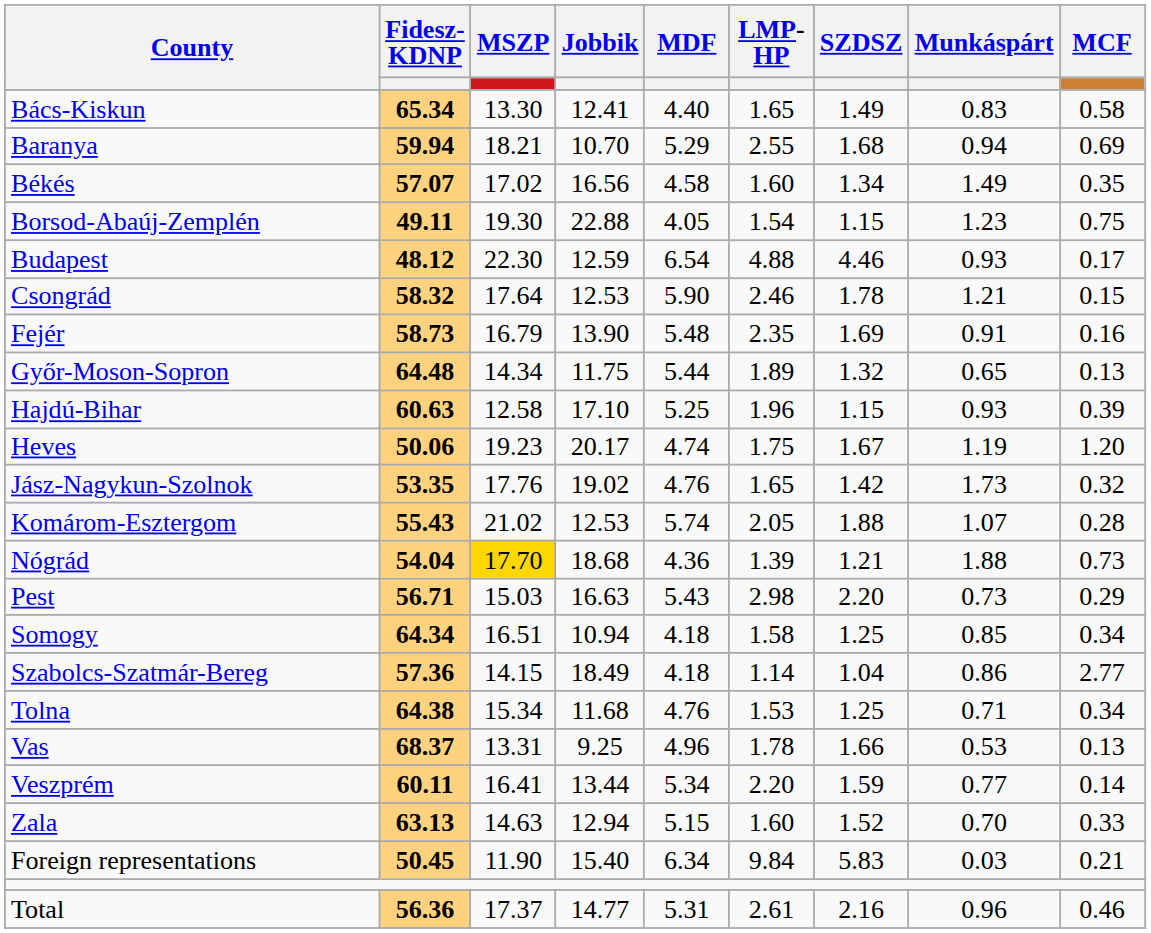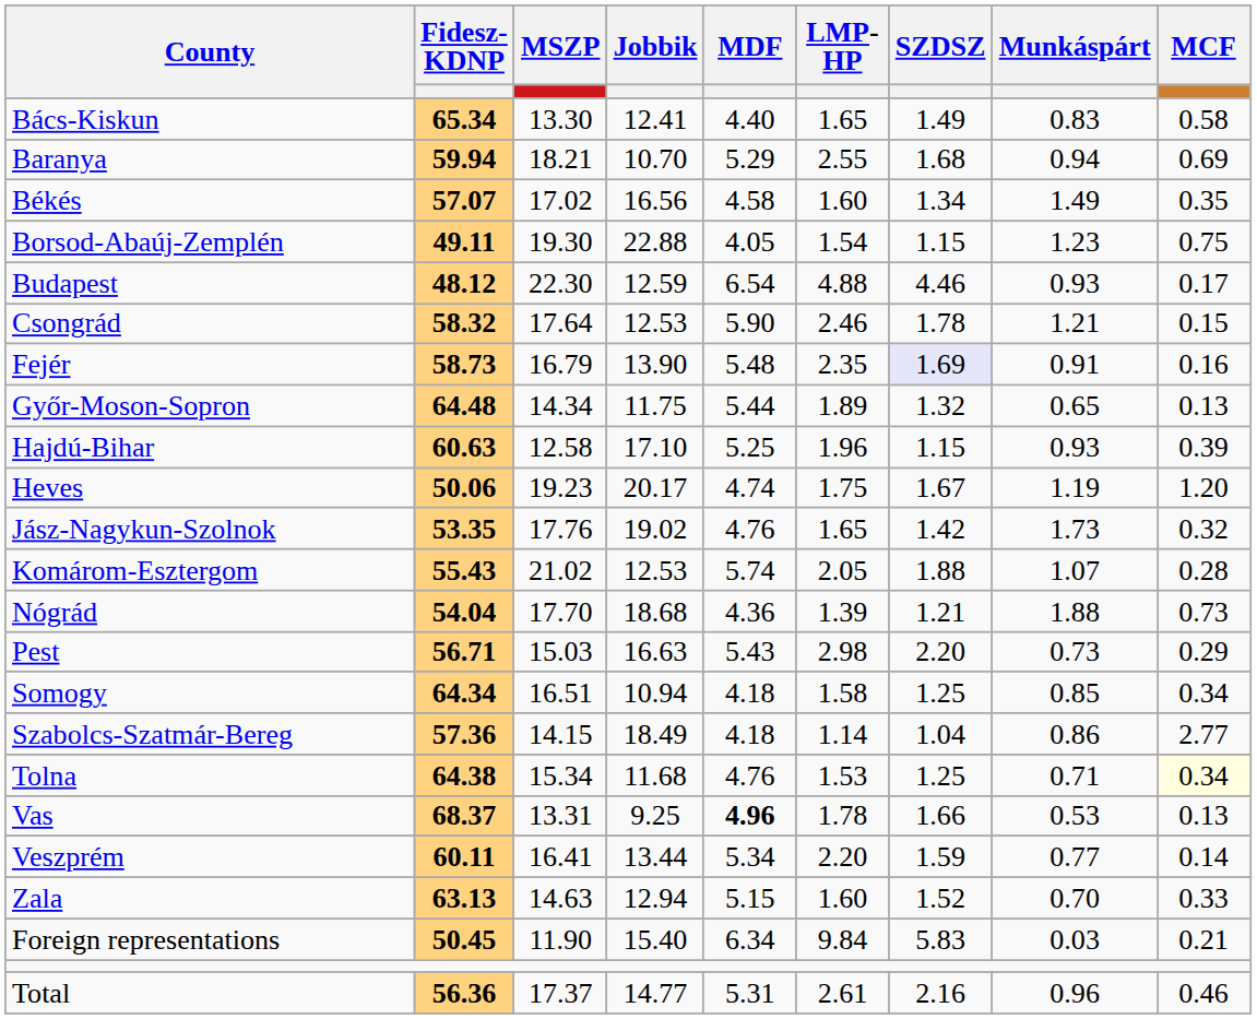 <table class="wikitable sortable" style="text-align:center;font-size:90%;line-height:14px">
 <tr style="height:40px;">
 <th style="width:200px;" rowspan="2"><a href='#'>County</a></th>
 <th style="width:40px;"><a href='#'>Fidesz-KDNP</a></th>
 <th style="width:40px;"><a href='#'>MSZP</a></th>
 <th style="width:40px;"><a href='#'>Jobbik</a></th>
 <th style="width:40px;"><a href='#'>MDF</a></th>
 <th style="width:40px;"><a href='#'>LMP</a>-<a href='#'>HP</a></th>
 <th style="width:40px;"><a href='#'>SZDSZ</a></th>
 <th style="width:40px;"><a href='#'>Munkáspárt</a></th>
 <th style="width:40px;"><a href='#'>MCF</a></th>
 </tr>
 <tr>
 <th style="background:"></th>
 <th style="background:#CE171B;"></th>
 <th style="background:"></th>
 <th style="background:"></th>
 <th style="background:"></th>
 <th style="background:"></th>
 <th style="background:"></th>
 <th style="background:#CD7F32;"></th>
 </tr>
 <tr>
 <td align="left"><a href='#'>Bács-Kiskun</a></td>
 <td style="background:#ffd27f;"><strong>65.34</strong></td>
 <td>13.30</td>
 <td>12.41</td>
 <td>4.40</td>
 <td>1.65</td>
 <td>1.49</td>
 <td>0.83</td>
 <td>0.58</td>
 </tr>
 <tr>
 <td align="left"><a href='#'>Baranya</a></td>
 <td style="background:#ffd27f;"><strong>59.94</strong></td>
 <td>18.21</td>
 <td>10.70</td>
 <td>5.29</td>
 <td>2.55</td>
 <td>1.68</td>
 <td>0.94</td>
 <td>0.69</td>
 </tr>
 <tr>
 <td align="left"><a href='#'>Békés</a></td>
 <td style="background:#ffd27f;"><strong>57.07</strong></td>
 <td>17.02</td>
 <td>16.56</td>
 <td>4.58</td>
 <td>1.60</td>
 <td>1.34</td>
 <td>1.49</td>
 <td>0.35</td>
 </tr>
 <tr>
 <td align="left"><a href='#'>Borsod-Abaúj-Zemplén</a></td>
 <td style="background:#ffd27f;"><strong>49.11</strong></td>
 <td>19.30</td>
 <td>22.88</td>
 <td>4.05</td>
 <td>1.54</td>
 <td>1.15</td>
 <td>1.23</td>
 <td>0.75</td>
 </tr>
 <tr>
 <td align="left"><a href='#'>Budapest</a></td>
 <td style="background:#ffd27f;"><strong>48.12</strong></td>
 <td>22.30</td>
 <td>12.59</td>
 <td>6.54</td>
 <td>4.88</td>
 <td>4.46</td>
 <td>0.93</td>
 <td>0.17</td>
 </tr>
 <tr>
 <td align="left"><a href='#'>Csongrád</a></td>
 <td style="background:#ffd27f;"><strong>58.32</strong></td>
 <td>17.64</td>
 <td>12.53</td>
 <td>5.90</td>
 <td>2.46</td>
 <td>1.78</td>
 <td>1.21</td>
 <td>0.15</td>
 </tr>
 <tr>
 <td align="left"><a href='#'>Fejér</a></td>
 <td style="background:#ffd27f;"><strong>58.73</strong></td>
 <td>16.79</td>
 <td>13.90</td>
 <td>5.48</td>
 <td>2.35</td>
-<td>1.69</td>
+<td style="background: lavender;">1.69</td>
 <td>0.91</td>
 <td>0.16</td>
 </tr>
 <tr>
 <td align="left"><a href='#'>Győr-Moson-Sopron</a></td>
 <td style="background:#ffd27f;"><strong>64.48</strong></td>
 <td>14.34</td>
 <td>11.75</td>
 <td>5.44</td>
 <td>1.89</td>
 <td>1.32</td>
 <td>0.65</td>
 <td>0.13</td>
 </tr>
 <tr>
 <td align="left"><a href='#'>Hajdú-Bihar</a></td>
 <td style="background:#ffd27f;"><strong>60.63</strong></td>
 <td>12.58</td>
 <td>17.10</td>
 <td>5.25</td>
 <td>1.96</td>
 <td>1.15</td>
 <td>0.93</td>
 <td>0.39</td>
 </tr>
 <tr>
 <td align="left"><a href='#'>Heves</a></td>
 <td style="background:#ffd27f;"><strong>50.06</strong></td>
 <td>19.23</td>
 <td>20.17</td>
 <td>4.74</td>
 <td>1.75</td>
 <td>1.67</td>
 <td>1.19</td>
 <td>1.20</td>
 </tr>
 <tr>
 <td align="left"><a href='#'>Jász-Nagykun-Szolnok</a></td>
 <td style="background:#ffd27f;"><strong>53.35</strong></td>
 <td>17.76</td>
 <td>19.02</td>
 <td>4.76</td>
 <td>1.65</td>
 <td>1.42</td>
 <td>1.73</td>
 <td>0.32</td>
 </tr>
 <tr>
 <td align="left"><a href='#'>Komárom-Esztergom</a></td>
 <td style="background:#ffd27f;"><strong>55.43</strong></td>
 <td>21.02</td>
 <td>12.53</td>
 <td>5.74</td>
 <td>2.05</td>
 <td>1.88</td>
 <td>1.07</td>
 <td>0.28</td>
 </tr>
 <tr>
 <td align="left"><a href='#'>Nógrád</a></td>
 <td style="background:#ffd27f;"><strong>54.04</strong></td>
-<td style="background: gold;">17.70</td>
+<td>17.70</td>
 <td>18.68</td>
 <td>4.36</td>
 <td>1.39</td>
 <td>1.21</td>
 <td>1.88</td>
 <td>0.73</td>
 </tr>
 <tr>
 <td align="left"><a href='#'>Pest</a></td>
 <td style="background:#ffd27f;"><strong>56.71</strong></td>
 <td>15.03</td>
 <td>16.63</td>
 <td>5.43</td>
 <td>2.98</td>
 <td>2.20</td>
 <td>0.73</td>
 <td>0.29</td>
 </tr>
 <tr>
 <td align="left"><a href='#'>Somogy</a></td>
 <td style="background:#ffd27f;"><strong>64.34</strong></td>
 <td>16.51</td>
 <td>10.94</td>
 <td>4.18</td>
 <td>1.58</td>
 <td>1.25</td>
 <td>0.85</td>
 <td>0.34</td>
 </tr>
 <tr>
 <td align="left"><a href='#'>Szabolcs-Szatmár-Bereg</a></td>
 <td style="background:#ffd27f;"><strong>57.36</strong></td>
 <td>14.15</td>
 <td>18.49</td>
 <td>4.18</td>
 <td>1.14</td>
 <td>1.04</td>
 <td>0.86</td>
 <td>2.77</td>
 </tr>
 <tr>
 <td align="left"><a href='#'>Tolna</a></td>
 <td style="background:#ffd27f;"><strong>64.38</strong></td>
 <td>15.34</td>
 <td>11.68</td>
 <td>4.76</td>
 <td>1.53</td>
 <td>1.25</td>
 <td>0.71</td>
-<td>0.34</td>
+<td style="background: lightyellow;">0.34</td>
 </tr>
 <tr>
 <td align="left"><a href='#'>Vas</a></td>
 <td style="background:#ffd27f;"><strong>68.37</strong></td>
 <td>13.31</td>
 <td>9.25</td>
-<td>4.96</td>
+<td><strong>4.96</strong></td>
 <td>1.78</td>
 <td>1.66</td>
 <td>0.53</td>
 <td>0.13</td>
 </tr>
 <tr>
 <td align="left"><a href='#'>Veszprém</a></td>
 <td style="background:#ffd27f;"><strong>60.11</strong></td>
 <td>16.41</td>
 <td>13.44</td>
 <td>5.34</td>
 <td>2.20</td>
 <td>1.59</td>
 <td>0.77</td>
 <td>0.14</td>
 </tr>
 <tr>
 <td align="left"><a href='#'>Zala</a></td>
 <td style="background:#ffd27f;"><strong>63.13</strong></td>
 <td>14.63</td>
 <td>12.94</td>
 <td>5.15</td>
 <td>1.60</td>
 <td>1.52</td>
 <td>0.70</td>
 <td>0.33</td>
 </tr>
 <tr>
 <td align="left">Foreign representations</td>
 <td style="background:#ffd27f;"><strong>50.45</strong></td>
 <td>11.90</td>
 <td>15.40</td>
 <td>6.34</td>
 <td>9.84</td>
 <td>5.83</td>
 <td>0.03</td>
 <td>0.21</td>
 </tr>
 <tr>
 <td colspan=10></td>
 </tr>
 <tr>
 <td align="left">Total</td>
 <td style="background:#ffd27f;"><strong>56.36</strong></td>
 <td>17.37</td>
 <td>14.77</td>
 <td>5.31</td>
 <td>2.61</td>
 <td>2.16</td>
 <td>0.96</td>
 <td>0.46</td>
 </tr>
 </table>
